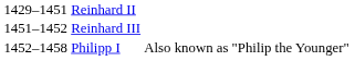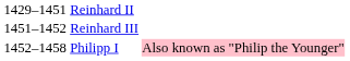 <table>
 <tr>
 <td>1429–1451</td>
 <td><a href='#'>Reinhard II</a></td>
 </tr>
 <tr>
 <td>1451–1452</td>
 <td><a href='#'>Reinhard III</a></td>
 </tr>
 <tr>
 <td>1452–1458</td>
 <td><a href='#'>Philipp I</a></td>
-<td>Also known as "Philip the Younger"</td>
+<td style="background: pink;">Also known as "Philip the Younger"</td>
 </tr>
 </table>
